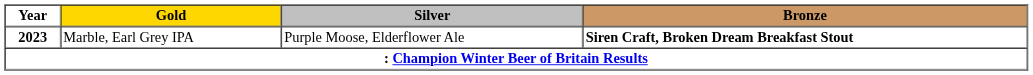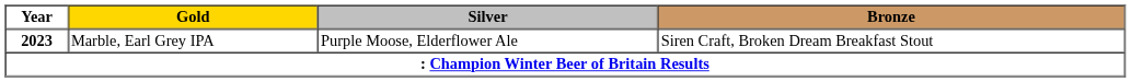 <table | width=90% border=1 cellpadding=2 cellspacing=0>
 <tr>
 <th>Year</th>
 <th style="background:gold;"><strong>Gold</strong></th>
 <th style="background:silver;"><strong>Silver</strong></th>
 <th style="background:#c96;"><strong>Bronze</strong></th>
 </tr>
 <tr>
 <th>2023</th>
 <td>Marble, Earl Grey IPA </td>
 <td>Purple Moose, Elderflower Ale</td>
-<td><strong>Siren Craft, Broken Dream Breakfast Stout</strong></td>
+<td>Siren Craft, Broken Dream Breakfast Stout</td>
 </tr>
 <tr>
 <th colspan="4">: <a href='#'>Champion Winter Beer of Britain Results</a></th>
 </tr>
 </table>
